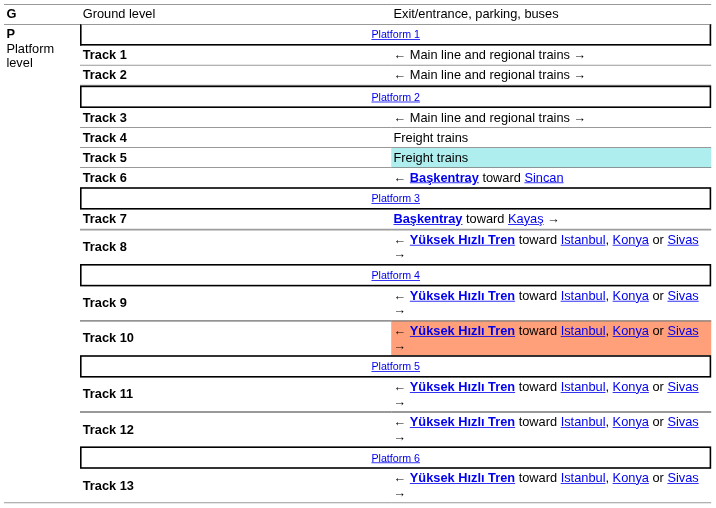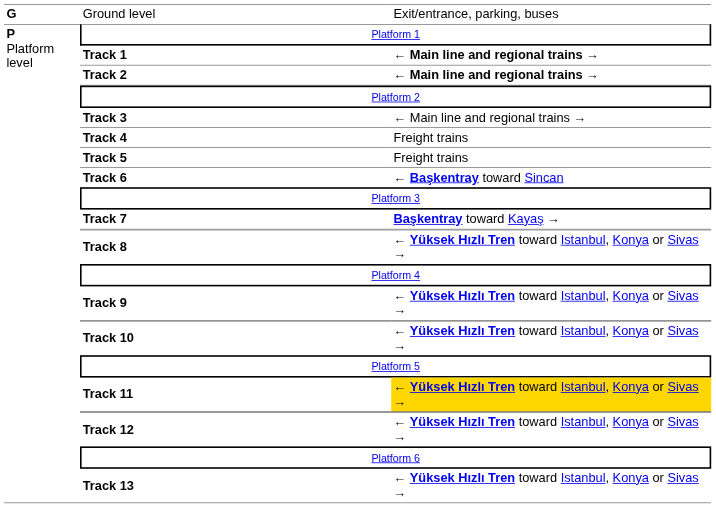 <table border=0 cellspacing=0 cellpadding=3>
 <tr>
 <td style="border-top:solid 1px gray;vertical-align:top;" width=50><strong>G</strong></td>
 <td style="border-top:solid 1px gray;vertical-align:top;" width=100>Ground level</td>
 <td style="border-top:solid 1px gray;vertical-align:top;" width=500>Exit/entrance, parking, buses</td>
 </tr>
 <tr>
 <td style="border-top:solid 1px gray;border-bottom:solid 1px gray;vertical-align:top;" width=100 rowspan=20><strong>P</strong><br>Platform level</td>
 </tr>
 <tr>
 <td style="border-top:solid 1px gray;border-right:solid 2px black;border-left:solid 2px black;border-bottom:solid 2px black;text-align:center;" colspan=2><small><a href='#'>Platform 1</a></small> </td>
 </tr>
 <tr>
 <td style="border-bottom:solid 1px gray;" width=100><strong>Track 1</strong></td>
-<td style="border-bottom:solid 1px gray;" width=500>← Main line and regional trains →</td>
+<td style="border-bottom:solid 1px gray;" width=500><strong>← Main line and regional trains →</strong></td>
 </tr>
 <tr>
 <td style="border-bottom:solid 1px gray;" width=100><strong>Track 2</strong></td>
-<td style="border-bottom:solid 1px gray;" width=500>← Main line and regional trains →</td>
+<td style="border-bottom:solid 1px gray;" width=500><strong>← Main line and regional trains →</strong></td>
 </tr>
 <tr>
 <td style="border-top:solid 2px black;border-right:solid 2px black;border-left:solid 2px black;border-bottom:solid 2px black;text-align:center;" colspan=2><small><a href='#'>Platform 2</a></small> </td>
 </tr>
 <tr>
 <td style="border-bottom:solid 1px gray;" width=500 width=100><strong>Track 3</strong></td>
 <td style="border-bottom:solid 1px gray;" width=500 width=500>← Main line and regional trains →</td>
 </tr>
 <tr>
 <td style="border-bottom:solid 1px gray;" width=500 width=100><strong>Track 4</strong></td>
 <td style="border-bottom:solid 1px gray;" width=500 width=500>Freight trains</td>
 </tr>
 <tr>
 <td style="border-bottom:solid 1px gray;" width=500 width=100><strong>Track 5</strong></td>
-<td style="background: paleturquoise; border-bottom:solid 1px gray;" width=500 width=500>Freight trains</td>
+<td style="border-bottom:solid 1px gray;" width=500 width=500>Freight trains</td>
 </tr>
 <tr>
 <td><strong>Track 6</strong></td>
 <td>← <strong><a href='#'><span>Başkentray</span></a></strong> toward <a href='#'>Sincan</a></td>
 </tr>
 <tr>
 <td style="border-top:solid 2px black;border-right:solid 2px black;border-left:solid 2px black;border-bottom:solid 2px black;text-align:center;" colspan=2><small><a href='#'>Platform 3</a> </small></td>
 </tr>
 <tr>
 <td style="border-bottom:solid 1px gray;"><strong>Track 7</strong></td>
 <td style="border-bottom:solid 1px gray;"><strong><a href='#'><span>Başkentray</span></a></strong> toward <a href='#'>Kayaş</a> →</td>
 </tr>
 <tr>
 <td style="border-top:solid 1px gray;" width=100><strong>Track 8</strong></td>
 <td style="border-top:solid 1px gray;" width=500>← <strong><a href='#'><span>Yüksek Hızlı Tren</span></a></strong> toward <a href='#'>Istanbul</a>, <a href='#'>Konya</a> or <a href='#'>Sivas</a> →</td>
 </tr>
 <tr>
 <td style="border-top:solid 2px black;border-right:solid 2px black;border-left:solid 2px black;border-bottom:solid 2px black;" colspan=2 align=center><small><a href='#'>Platform 4</a> </small></td>
 </tr>
 <tr>
 <td style="border-bottom:solid 1px gray;"><strong>Track 9</strong></td>
 <td style="border-bottom:solid 1px gray;">← <strong><a href='#'><span>Yüksek Hızlı Tren</span></a></strong> toward <a href='#'>Istanbul</a>, <a href='#'>Konya</a> or <a href='#'>Sivas</a> →</td>
 </tr>
 <tr>
 <td style="border-top:solid 1px gray;" width=100><strong>Track 10</strong></td>
-<td style="background: lightsalmon; border-top:solid 1px gray;" width=500>← <strong><a href='#'><span>Yüksek Hızlı Tren</span></a></strong> toward <a href='#'>Istanbul</a>, <a href='#'>Konya</a> or <a href='#'>Sivas</a> →</td>
+<td style="border-top:solid 1px gray;" width=500>← <strong><a href='#'><span>Yüksek Hızlı Tren</span></a></strong> toward <a href='#'>Istanbul</a>, <a href='#'>Konya</a> or <a href='#'>Sivas</a> →</td>
 </tr>
 <tr>
 <td style="border-top:solid 2px black;border-right:solid 2px black;border-left:solid 2px black;border-bottom:solid 2px black;" colspan=2 align=center><small><a href='#'>Platform 5</a> </small></td>
 </tr>
 <tr>
 <td style="border-bottom:solid 1px gray;"><strong>Track 11</strong></td>
-<td style="border-bottom:solid 1px gray;">← <strong><a href='#'><span>Yüksek Hızlı Tren</span></a></strong> toward <a href='#'>Istanbul</a>, <a href='#'>Konya</a> or <a href='#'>Sivas</a> →</td>
+<td style="background: gold; border-bottom:solid 1px gray;">← <strong><a href='#'><span>Yüksek Hızlı Tren</span></a></strong> toward <a href='#'>Istanbul</a>, <a href='#'>Konya</a> or <a href='#'>Sivas</a> →</td>
 </tr>
 <tr>
 <td style="border-top:solid 1px gray;" width=100><strong>Track 12</strong></td>
 <td style="border-top:solid 1px gray;" width=500>← <strong><a href='#'><span>Yüksek Hızlı Tren</span></a></strong> toward <a href='#'>Istanbul</a>, <a href='#'>Konya</a> or <a href='#'>Sivas</a> →</td>
 </tr>
 <tr>
 <td style="border-top:solid 2px black;border-right:solid 2px black;border-left:solid 2px black;border-bottom:solid 2px black;" colspan=2 align=center><small><a href='#'>Platform 6</a> </small></td>
 </tr>
 <tr>
 <td style="border-bottom:solid 1px gray;"><strong>Track 13</strong></td>
 <td style="border-bottom:solid 1px gray;">← <strong><a href='#'><span>Yüksek Hızlı Tren</span></a></strong> toward <a href='#'>Istanbul</a>, <a href='#'>Konya</a> or <a href='#'>Sivas</a> →</td>
 </tr>
 </table>
